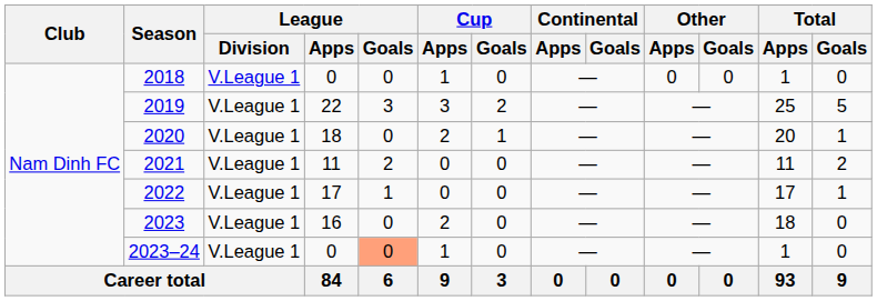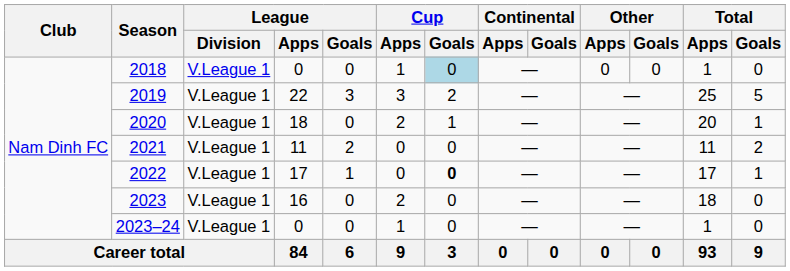 <table class="wikitable" style="text-align: center;">
 <tr>
 <th rowspan=2>Club</th>
 <th rowspan=2>Season</th>
 <th colspan=3>League</th>
 <th colspan=2><a href='#'>Cup</a></th>
 <th colspan=2>Continental</th>
 <th colspan=2>Other</th>
 <th colspan=2>Total</th>
 </tr>
 <tr>
 <th>Division</th>
 <th>Apps</th>
 <th>Goals</th>
 <th>Apps</th>
 <th>Goals</th>
 <th>Apps</th>
 <th>Goals</th>
 <th>Apps</th>
 <th>Goals</th>
 <th>Apps</th>
 <th>Goals</th>
 </tr>
 <tr>
 <td rowspan=7><a href='#'>Nam Dinh FC</a></td>
 <td><a href='#'>2018</a></td>
 <td><a href='#'>V.League 1</a></td>
 <td>0</td>
 <td>0</td>
 <td>1</td>
-<td>0</td>
+<td style="background: lightblue;">0</td>
 <td colspan=2>—</td>
 <td>0</td>
 <td>0</td>
 <td>1</td>
 <td>0</td>
 </tr>
 <tr>
 <td><a href='#'>2019</a></td>
 <td>V.League 1</td>
 <td>22</td>
 <td>3</td>
 <td>3</td>
 <td>2</td>
 <td colspan=2>—</td>
 <td colspan=2>—</td>
 <td>25</td>
 <td>5</td>
 </tr>
 <tr>
 <td><a href='#'>2020</a></td>
 <td>V.League 1</td>
 <td>18</td>
 <td>0</td>
 <td>2</td>
 <td>1</td>
 <td colspan=2>—</td>
 <td colspan=2>—</td>
 <td>20</td>
 <td>1</td>
 </tr>
 <tr>
 <td><a href='#'>2021</a></td>
 <td>V.League 1</td>
 <td>11</td>
 <td>2</td>
 <td>0</td>
 <td>0</td>
 <td colspan=2>—</td>
 <td colspan=2>—</td>
 <td>11</td>
 <td>2</td>
 </tr>
 <tr>
 <td><a href='#'>2022</a></td>
 <td>V.League 1</td>
 <td>17</td>
 <td>1</td>
 <td>0</td>
-<td>0</td>
+<td><strong>0</strong></td>
 <td colspan=2>—</td>
 <td colspan=2>—</td>
 <td>17</td>
 <td>1</td>
 </tr>
 <tr>
 <td><a href='#'>2023</a></td>
 <td>V.League 1</td>
 <td>16</td>
 <td>0</td>
 <td>2</td>
 <td>0</td>
 <td colspan=2>—</td>
 <td colspan=2>—</td>
 <td>18</td>
 <td>0</td>
 </tr>
 <tr>
 <td><a href='#'>2023–24</a></td>
 <td>V.League 1</td>
 <td>0</td>
-<td style="background: lightsalmon;">0</td>
+<td>0</td>
 <td>1</td>
 <td>0</td>
 <td colspan=2>—</td>
 <td colspan=2>—</td>
 <td>1</td>
 <td>0</td>
 </tr>
 <tr>
 <th colspan=3>Career total</th>
 <th>84</th>
 <th>6</th>
 <th>9</th>
 <th>3</th>
 <th>0</th>
 <th>0</th>
 <th>0</th>
 <th>0</th>
 <th>93</th>
 <th>9</th>
 </tr>
 </table>
